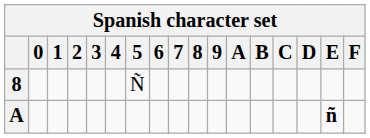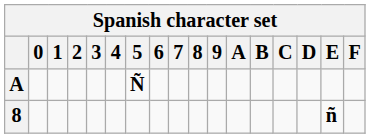 <table class="wikitable">
 <tr>
 <th colspan="17">Spanish character set</th>
 </tr>
 <tr>
 <th></th>
 <th>0</th>
 <th>1</th>
 <th>2</th>
 <th>3</th>
 <th>4</th>
 <th>5</th>
 <th>6</th>
 <th>7</th>
 <th>8</th>
 <th>9</th>
 <th>A</th>
 <th>B</th>
 <th>C</th>
 <th>D</th>
 <th>E</th>
 <th>F</th>
 </tr>
 <tr>
-<th>8</th>
+<th>A</th>
 <td></td>
 <td></td>
 <td></td>
 <td></td>
 <td></td>
-<td>Ñ</td>
+<td><strong>Ñ</strong></td>
 <td></td>
 <td></td>
 <td></td>
 <td></td>
 <td></td>
 <td></td>
 <td></td>
 <td></td>
 <td></td>
 <td></td>
 </tr>
 <tr>
-<th>A</th>
+<th>8</th>
 <td></td>
 <td></td>
 <td></td>
 <td></td>
 <td></td>
 <td></td>
 <td></td>
 <td></td>
 <td></td>
 <td></td>
 <td></td>
 <td></td>
 <td></td>
 <td></td>
 <td><strong>ñ</strong></td>
 <td></td>
 </tr>
 </table>
